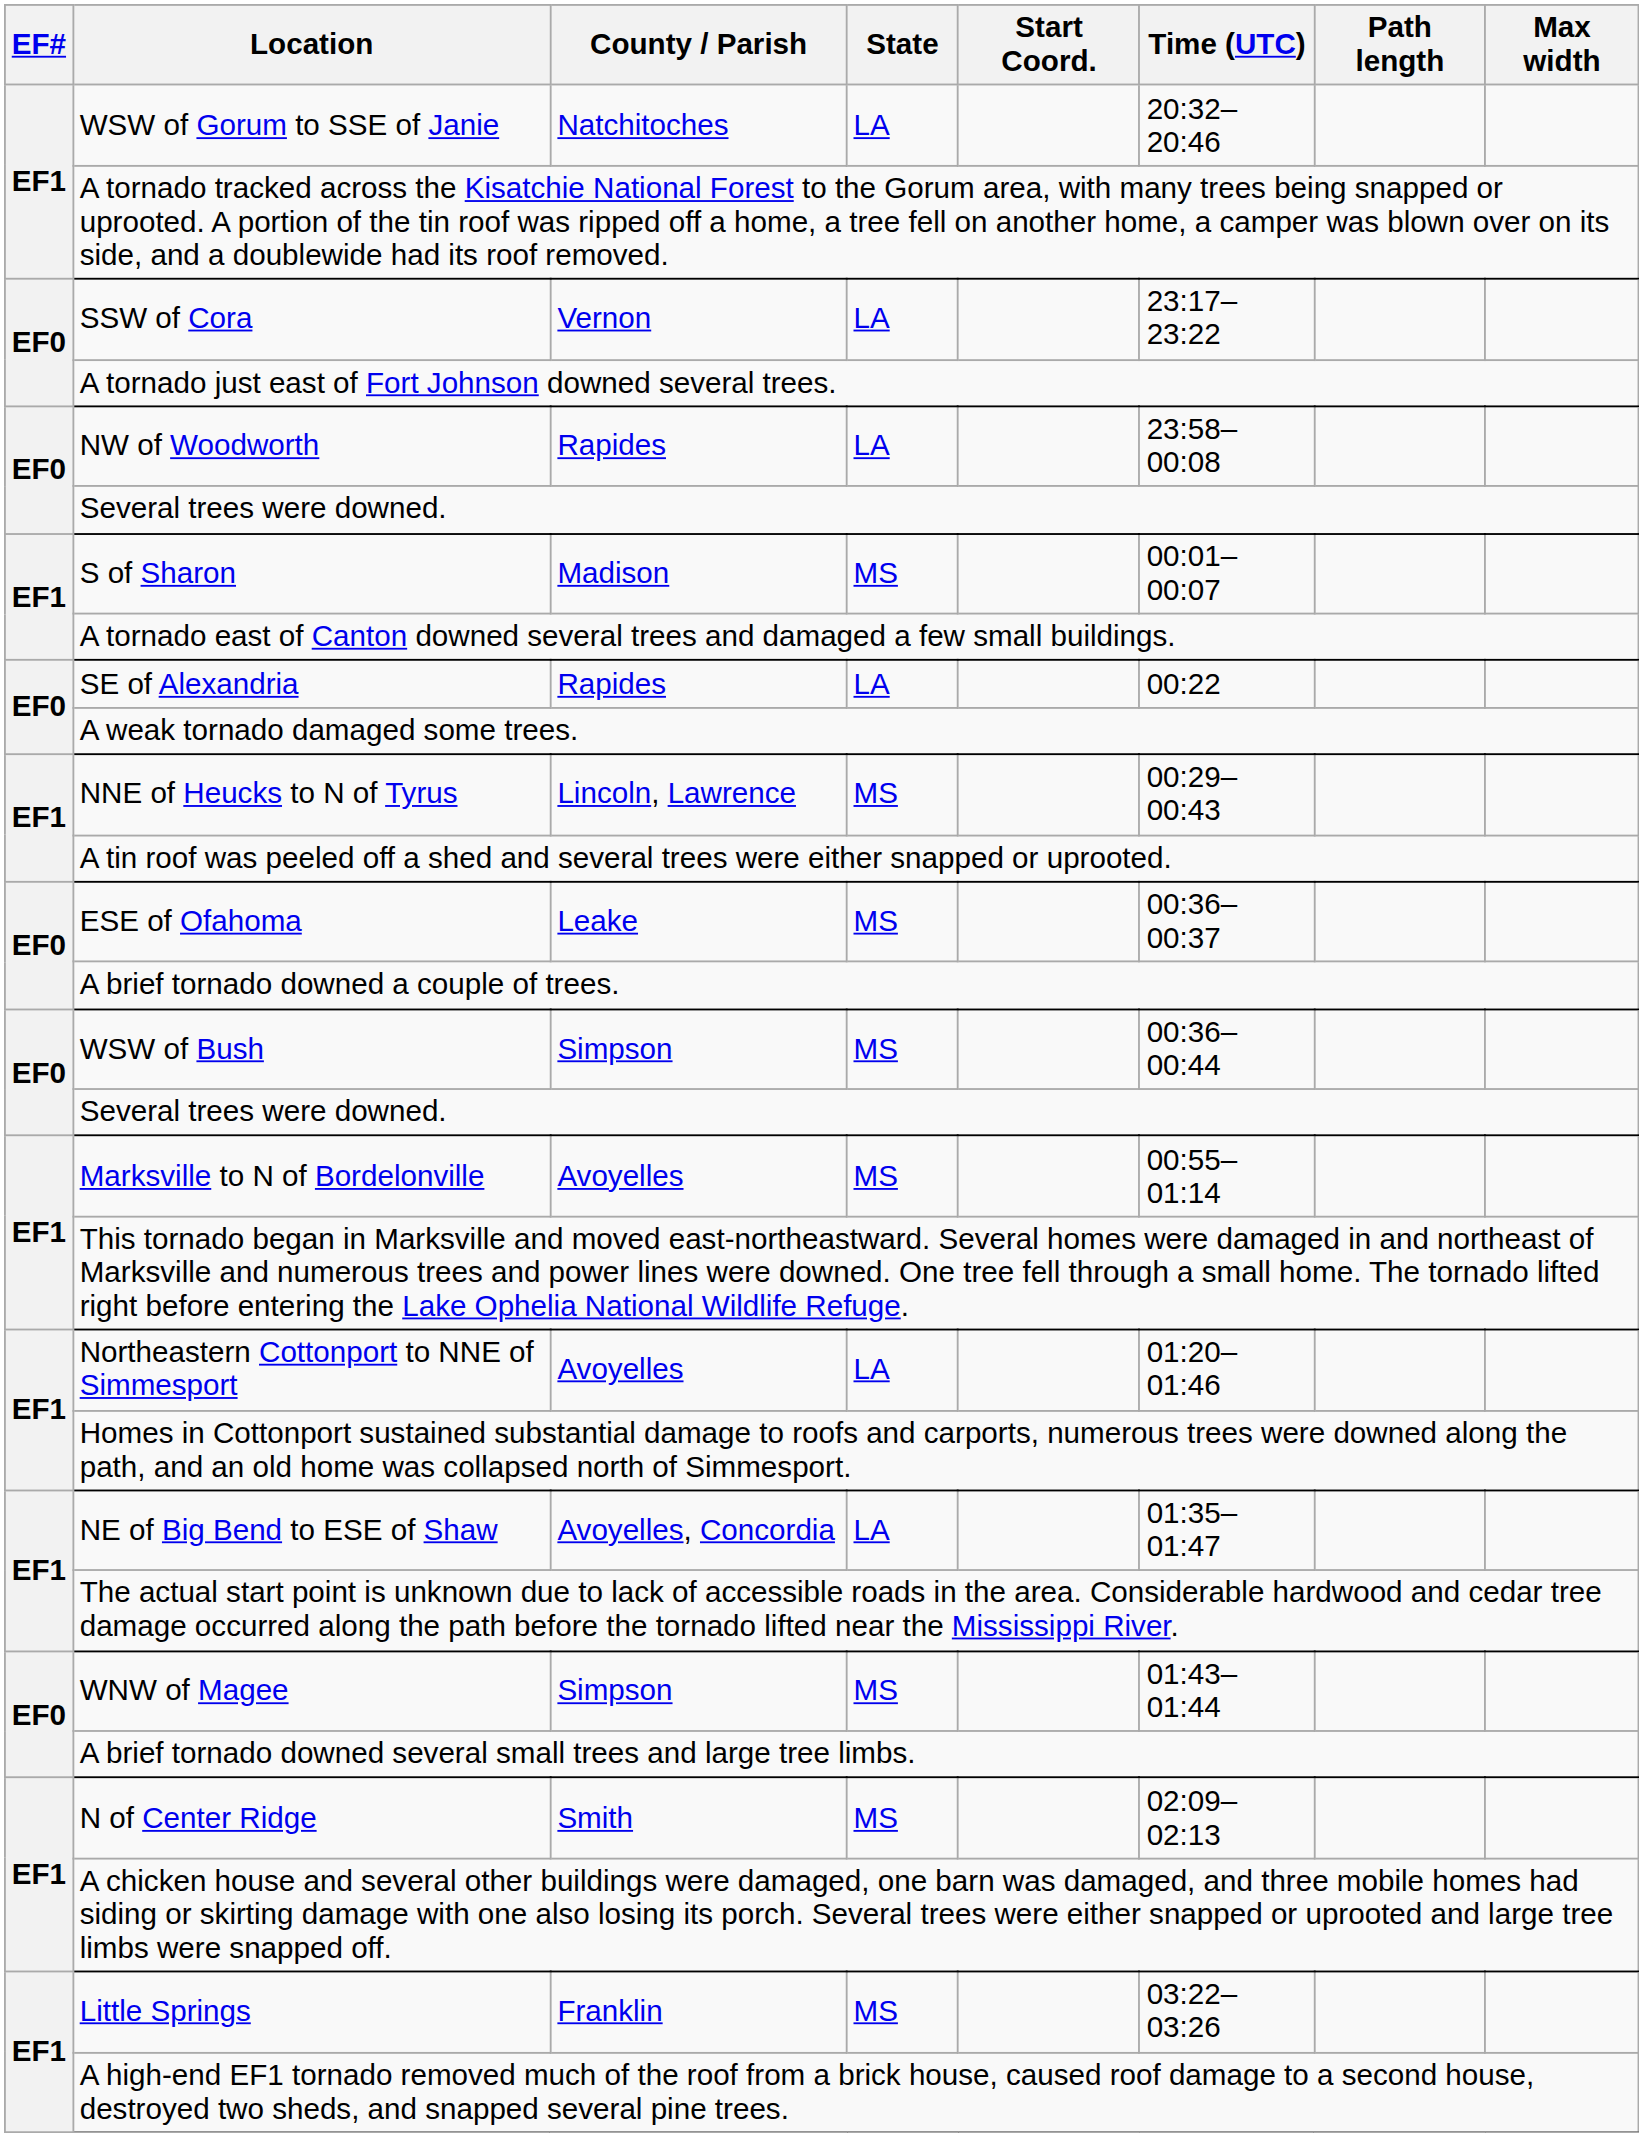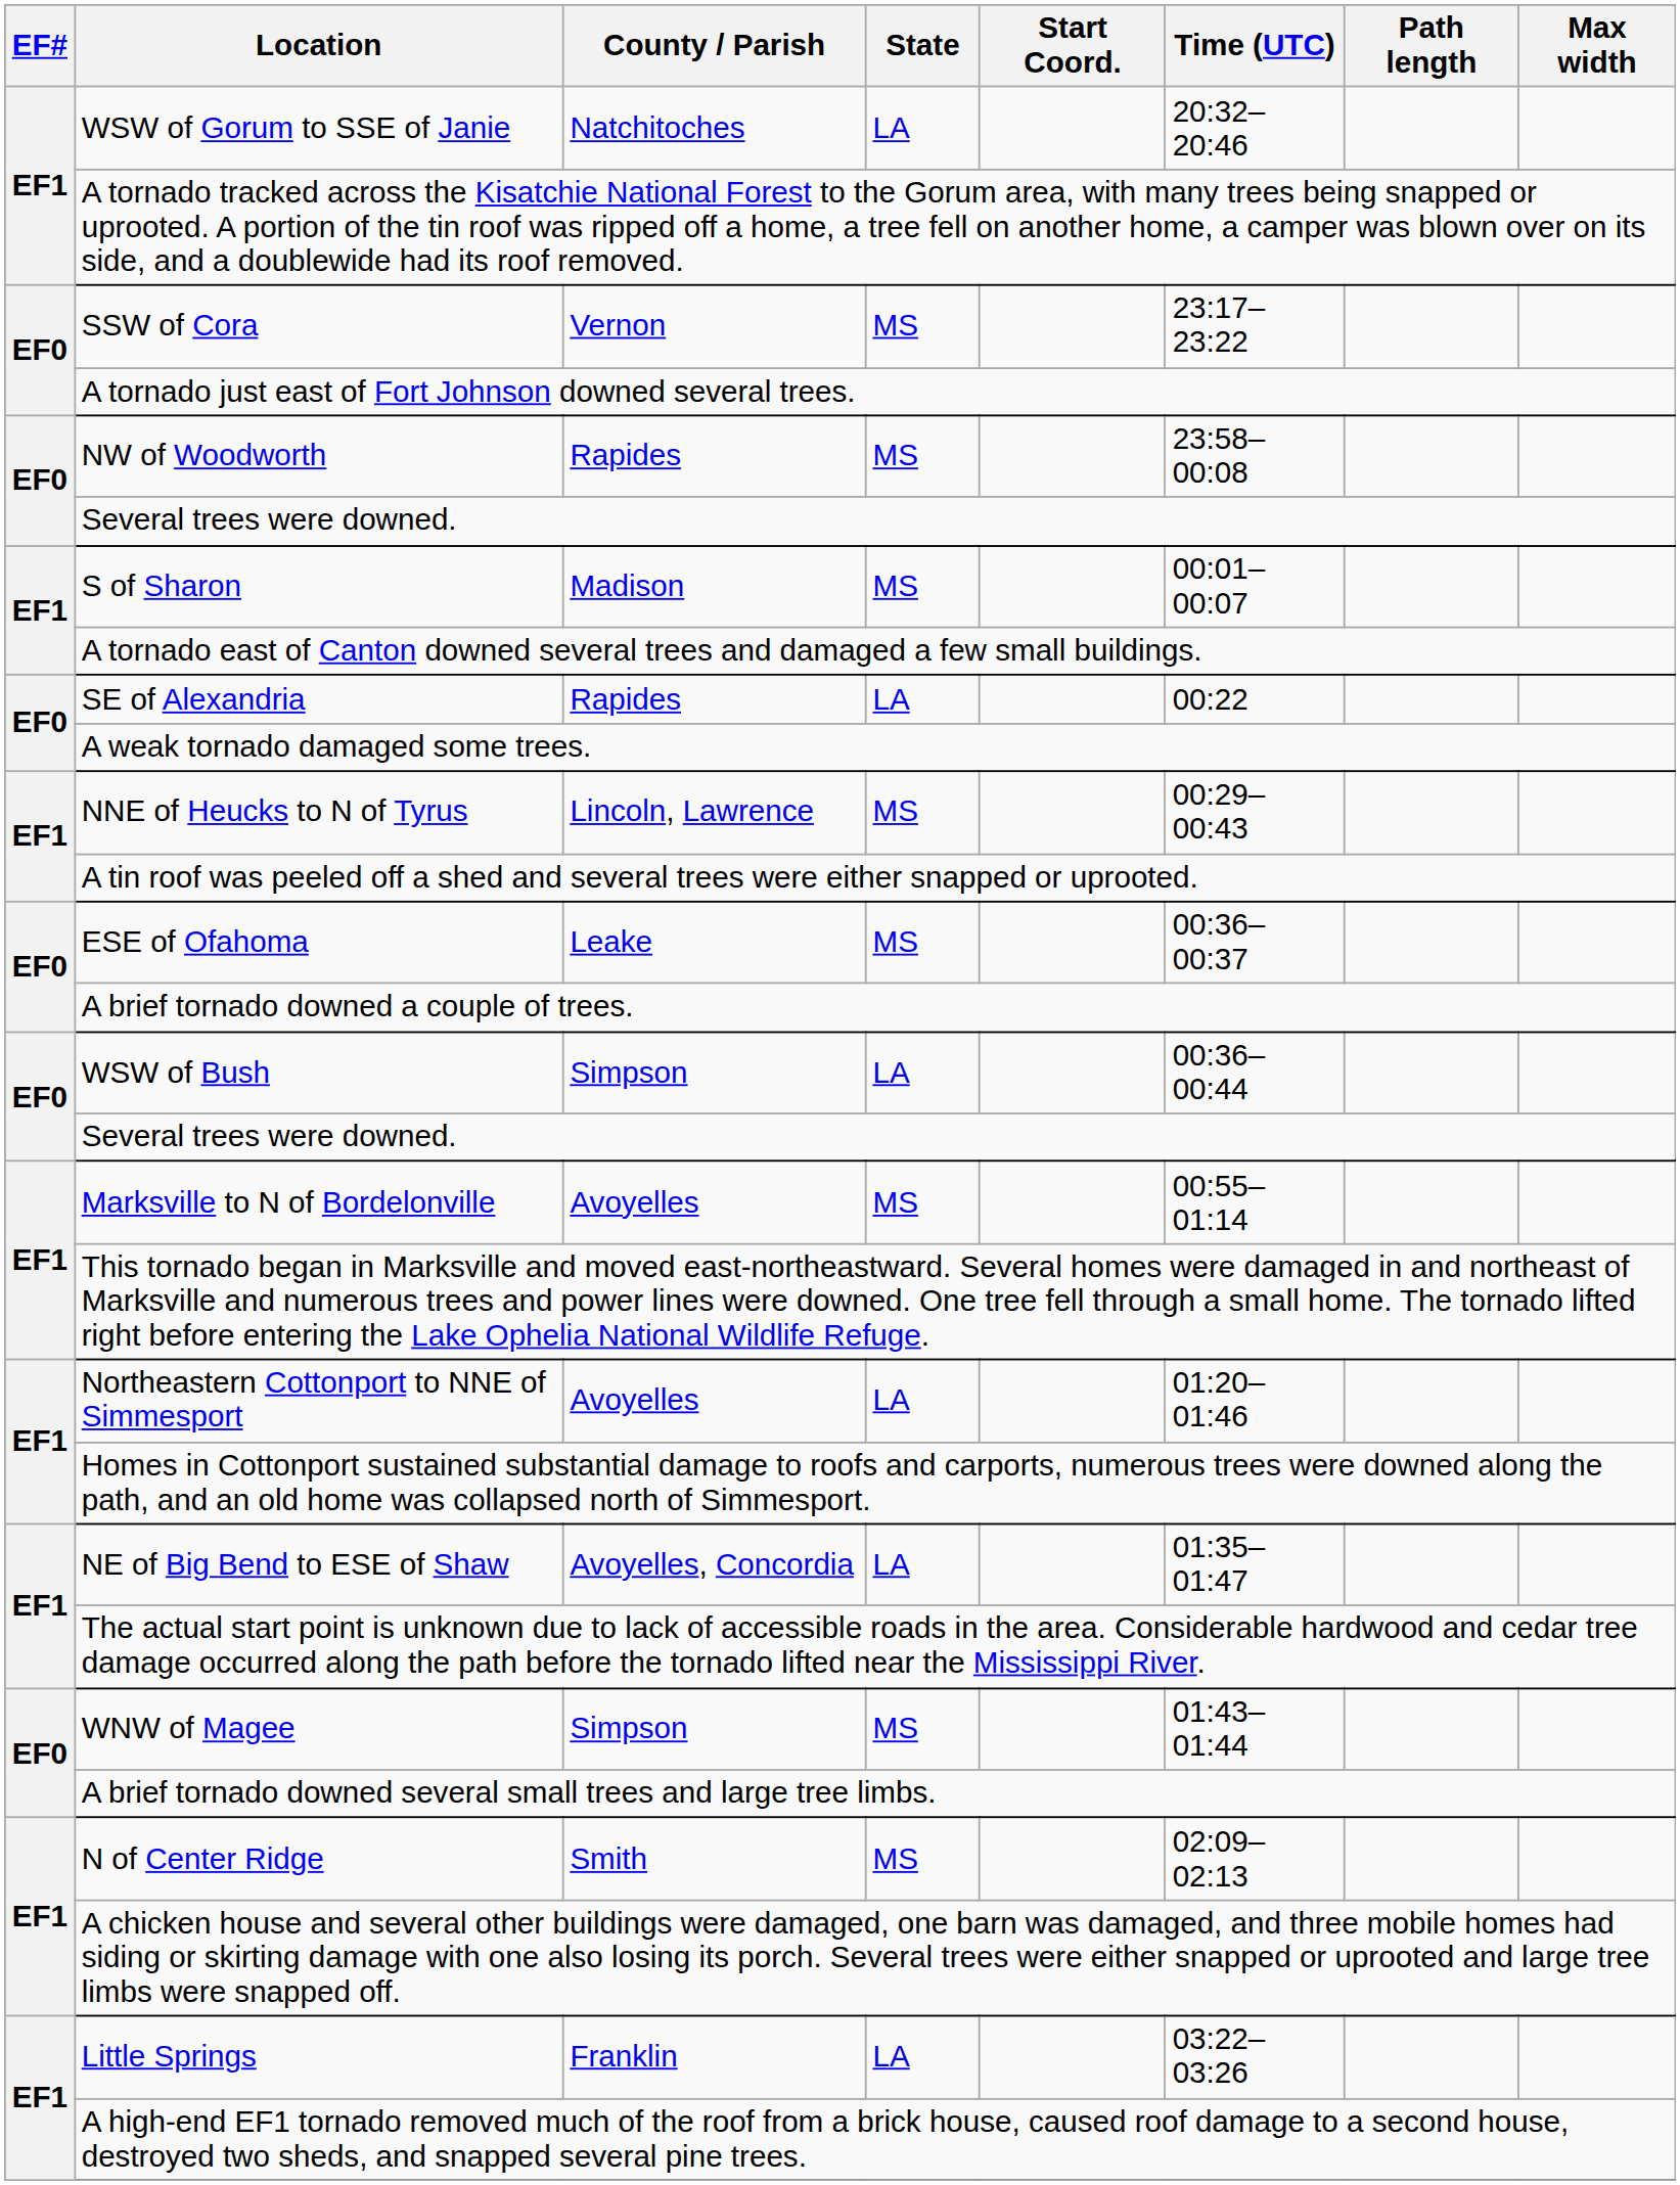 <table class="wikitable sortable" style="width:100%;">
 <tr>
 <th scope="col" width="2%" align="center"><a href='#'>EF#</a></th>
 <th scope="col" align="center" class="unsortable">Location</th>
 <th scope="col" align="center" class="unsortable">County / Parish</th>
 <th scope="col" align="center">State</th>
 <th scope="col" align="center">Start Coord.</th>
 <th scope="col" align="center">Time (<a href='#'>UTC</a>)</th>
 <th scope="col" align="center">Path length</th>
 <th scope="col" align="center">Max width</th>
 </tr>
 <tr>
 <th scope="row" rowspan="2" style="background-color:#">EF1</th>
 <td>WSW of <a href='#'>Gorum</a> to SSE of <a href='#'>Janie</a></td>
 <td><a href='#'>Natchitoches</a></td>
 <td><a href='#'>LA</a></td>
 <td></td>
 <td>20:32–20:46</td>
 <td></td>
 <td></td>
 </tr>
 <tr class="expand-child">
 <td colspan="8" style=" border-bottom: 1px solid black;">A tornado tracked across the <a href='#'>Kisatchie National Forest</a> to the Gorum area, with many trees being snapped or uprooted. A portion of the tin roof was ripped off a home, a tree fell on another home, a camper was blown over on its side, and a doublewide had its roof removed.</td>
 </tr>
 <tr>
 <th scope="row" rowspan="2" style="background-color:#">EF0</th>
 <td>SSW of <a href='#'>Cora</a></td>
 <td><a href='#'>Vernon</a></td>
-<td><a href='#'>LA</a></td>
+<td><a href='#'>MS</a></td>
 <td></td>
 <td>23:17–23:22</td>
 <td></td>
 <td></td>
 </tr>
 <tr class="expand-child">
 <td colspan="8" style=" border-bottom: 1px solid black;">A tornado just east of <a href='#'>Fort Johnson</a> downed several trees.</td>
 </tr>
 <tr>
 <th scope="row" rowspan="2" style="background-color:#">EF0</th>
 <td>NW of <a href='#'>Woodworth</a></td>
 <td><a href='#'>Rapides</a></td>
-<td><a href='#'>LA</a></td>
+<td><a href='#'>MS</a></td>
 <td></td>
 <td>23:58–00:08</td>
 <td></td>
 <td></td>
 </tr>
 <tr class="expand-child">
 <td colspan="8" style=" border-bottom: 1px solid black;">Several trees were downed.</td>
 </tr>
 <tr>
 <th scope="row" rowspan="2" style="background-color:#">EF1</th>
 <td>S of <a href='#'>Sharon</a></td>
 <td><a href='#'>Madison</a></td>
 <td><a href='#'>MS</a></td>
 <td></td>
 <td>00:01–00:07</td>
 <td></td>
 <td></td>
 </tr>
 <tr class="expand-child">
 <td colspan="8" style=" border-bottom: 1px solid black;">A tornado east of <a href='#'>Canton</a> downed several trees and damaged a few small buildings.</td>
 </tr>
 <tr>
 <th scope="row" rowspan="2" style="background-color:#">EF0</th>
 <td>SE of <a href='#'>Alexandria</a></td>
 <td><a href='#'>Rapides</a></td>
 <td><a href='#'>LA</a></td>
 <td></td>
 <td>00:22</td>
 <td></td>
 <td></td>
 </tr>
 <tr class="expand-child">
 <td colspan="8" style=" border-bottom: 1px solid black;">A weak tornado damaged some trees.</td>
 </tr>
 <tr>
 <th scope="row" rowspan="2" style="background-color:#">EF1</th>
 <td>NNE of <a href='#'>Heucks</a> to N of <a href='#'>Tyrus</a></td>
 <td><a href='#'>Lincoln</a>, <a href='#'>Lawrence</a></td>
 <td><a href='#'>MS</a></td>
 <td></td>
 <td>00:29–00:43</td>
 <td></td>
 <td></td>
 </tr>
 <tr class="expand-child">
 <td colspan="8" style=" border-bottom: 1px solid black;">A tin roof was peeled off a shed and several trees were either snapped or uprooted.</td>
 </tr>
 <tr>
 <th scope="row" rowspan="2" style="background-color:#">EF0</th>
 <td>ESE of <a href='#'>Ofahoma</a></td>
 <td><a href='#'>Leake</a></td>
 <td><a href='#'>MS</a></td>
 <td></td>
 <td>00:36–00:37</td>
 <td></td>
 <td></td>
 </tr>
 <tr class="expand-child">
 <td colspan="8" style=" border-bottom: 1px solid black;">A brief tornado downed a couple of trees.</td>
 </tr>
 <tr>
 <th scope="row" rowspan="2" style="background-color:#">EF0</th>
 <td>WSW of <a href='#'>Bush</a></td>
 <td><a href='#'>Simpson</a></td>
-<td><a href='#'>MS</a></td>
+<td><a href='#'>LA</a></td>
 <td></td>
 <td>00:36–00:44</td>
 <td></td>
 <td></td>
 </tr>
 <tr class="expand-child">
 <td colspan="8" style=" border-bottom: 1px solid black;">Several trees were downed.</td>
 </tr>
 <tr>
 <th scope="row" rowspan="2" style="background-color:#">EF1</th>
 <td><a href='#'>Marksville</a> to N of <a href='#'>Bordelonville</a></td>
 <td><a href='#'>Avoyelles</a></td>
 <td><a href='#'>MS</a></td>
 <td></td>
 <td>00:55–01:14</td>
 <td></td>
 <td></td>
 </tr>
 <tr class="expand-child">
 <td colspan="8" style=" border-bottom: 1px solid black;">This tornado began in Marksville and moved east-northeastward. Several homes were damaged in and northeast of Marksville and numerous trees and power lines were downed. One tree fell through a small home. The tornado lifted right before entering the <a href='#'>Lake Ophelia National Wildlife Refuge</a>.</td>
 </tr>
 <tr>
 <th scope="row" rowspan="2" style="background-color:#">EF1</th>
 <td>Northeastern <a href='#'>Cottonport</a> to NNE of <a href='#'>Simmesport</a></td>
 <td><a href='#'>Avoyelles</a></td>
 <td><a href='#'>LA</a></td>
 <td></td>
 <td>01:20–01:46</td>
 <td></td>
 <td></td>
 </tr>
 <tr class="expand-child">
 <td colspan="8" style=" border-bottom: 1px solid black;">Homes in Cottonport sustained substantial damage to roofs and carports, numerous trees were downed along the path, and an old home was collapsed north of Simmesport.</td>
 </tr>
 <tr>
 <th scope="row" rowspan="2" style="background-color:#">EF1</th>
 <td>NE of <a href='#'>Big Bend</a> to ESE of <a href='#'>Shaw</a></td>
 <td><a href='#'>Avoyelles</a>, <a href='#'>Concordia</a></td>
 <td><a href='#'>LA</a></td>
 <td></td>
 <td>01:35–01:47</td>
 <td></td>
 <td></td>
 </tr>
 <tr class="expand-child">
 <td colspan="8" style=" border-bottom: 1px solid black;">The actual start point is unknown due to lack of accessible roads in the area. Considerable hardwood and cedar tree damage occurred along the path before the tornado lifted near the <a href='#'>Mississippi River</a>.</td>
 </tr>
 <tr>
 <th scope="row" rowspan="2" style="background-color:#">EF0</th>
 <td>WNW of <a href='#'>Magee</a></td>
 <td><a href='#'>Simpson</a></td>
 <td><a href='#'>MS</a></td>
 <td></td>
 <td>01:43–01:44</td>
 <td></td>
 <td></td>
 </tr>
 <tr class="expand-child">
 <td colspan="8" style=" border-bottom: 1px solid black;">A brief tornado downed several small trees and large tree limbs.</td>
 </tr>
 <tr>
 <th scope="row" rowspan="2" style="background-color:#">EF1</th>
 <td>N of <a href='#'>Center Ridge</a></td>
 <td><a href='#'>Smith</a></td>
 <td><a href='#'>MS</a></td>
 <td></td>
 <td>02:09–02:13</td>
 <td></td>
 <td></td>
 </tr>
 <tr class="expand-child">
 <td colspan="8" style=" border-bottom: 1px solid black;">A chicken house and several other buildings were damaged, one barn was damaged, and three mobile homes had siding or skirting damage with one also losing its porch. Several trees were either snapped or uprooted and large tree limbs were snapped off.</td>
 </tr>
 <tr>
 <th scope="row" rowspan="2" style="background-color:#">EF1</th>
 <td><a href='#'>Little Springs</a></td>
 <td><a href='#'>Franklin</a></td>
-<td><a href='#'>MS</a></td>
+<td><a href='#'>LA</a></td>
 <td></td>
 <td>03:22–03:26</td>
 <td></td>
 <td></td>
 </tr>
 <tr class="expand-child">
 <td colspan="8" style=" border-bottom: 1px solid black;">A high-end EF1 tornado removed much of the roof from a brick house, caused roof damage to a second house, destroyed two sheds, and snapped several pine trees.</td>
 </tr>
 <tr>
 </tr>
 </table>
